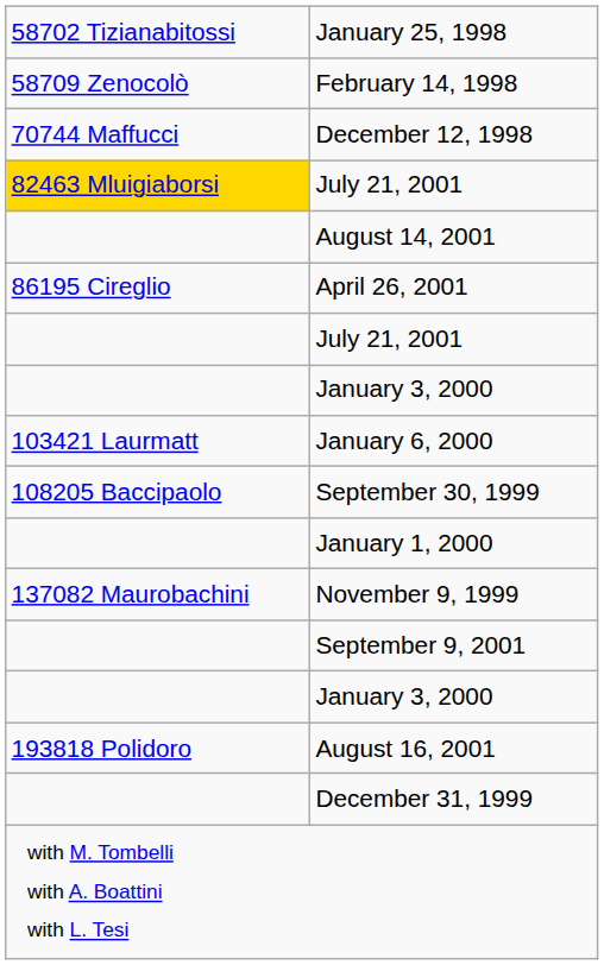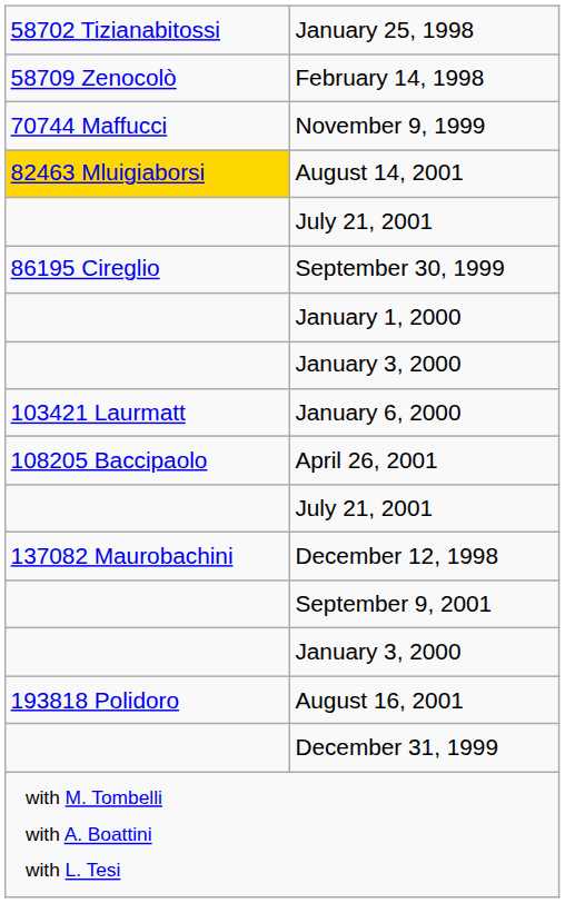 <table class="wikitable" style="font-size: 89%; float: left; width: 24em; margin-right: 1em; line-height: 1.6em !important;">
 <tr>
 <td><a href='#'>58702 Tizianabitossi</a> </td>
 <td>January 25, 1998</td>
 </tr>
 <tr>
 <td><a href='#'>58709 Zenocolò</a> </td>
 <td>February 14, 1998</td>
 </tr>
 <tr>
 <td><a href='#'>70744 Maffucci</a></td>
-<td>December 12, 1998</td>
+<td>November 9, 1999</td>
 </tr>
 <tr>
 <td style="background: gold;"><a href='#'>82463 Mluigiaborsi</a></td>
-<td>July 21, 2001</td>
-</tr>
-<tr>
-<td> </td>
 <td>August 14, 2001</td>
-</tr>
-<tr>
-<td><a href='#'>86195 Cireglio</a> </td>
-<td>April 26, 2001</td>
 </tr>
 <tr>
 <td> </td>
 <td>July 21, 2001</td>
+</tr>
+<tr>
+<td><a href='#'>86195 Cireglio</a> </td>
+<td>September 30, 1999</td>
+</tr>
+<tr>
+<td> </td>
+<td>January 1, 2000</td>
 </tr>
 <tr>
 <td> </td>
 <td>January 3, 2000</td>
 </tr>
 <tr>
 <td><a href='#'>103421 Laurmatt</a> </td>
 <td>January 6, 2000</td>
 </tr>
 <tr>
 <td><a href='#'>108205 Baccipaolo</a> </td>
-<td>September 30, 1999</td>
+<td>April 26, 2001</td>
 </tr>
 <tr>
 <td> </td>
-<td>January 1, 2000</td>
+<td>July 21, 2001</td>
 </tr>
 <tr>
 <td><a href='#'>137082 Maurobachini</a> </td>
-<td>November 9, 1999</td>
+<td>December 12, 1998</td>
 </tr>
 <tr>
 <td> </td>
 <td>September 9, 2001</td>
 </tr>
 <tr>
 <td> </td>
 <td>January 3, 2000</td>
 </tr>
 <tr>
 <td><a href='#'>193818 Polidoro</a> </td>
 <td>August 16, 2001</td>
 </tr>
 <tr>
 <td> </td>
 <td>December 31, 1999</td>
 </tr>
 <tr>
 <td colspan=2 style="font-size: smaller; font-weight: normal; text-align: left; padding: 4px 12px;"> with <a href='#'>M. Tombelli</a><br> with <a href='#'>A. Boattini</a><br> with <a href='#'>L. Tesi</a></td>
 </tr>
 </table>
